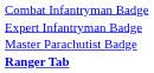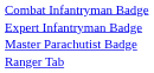 <table>
 <tr>
 <td>  <a href='#'>Combat Infantryman Badge</a></td>
 </tr>
 <tr>
 <td>  <a href='#'>Expert Infantryman Badge</a></td>
 </tr>
 <tr>
 <td>  <a href='#'>Master Parachutist Badge</a></td>
 </tr>
 <tr>
-<td><strong>  <a href='#'>Ranger Tab</a></strong></td>
+<td>  <a href='#'>Ranger Tab</a></td>
 </tr>
 </table>
